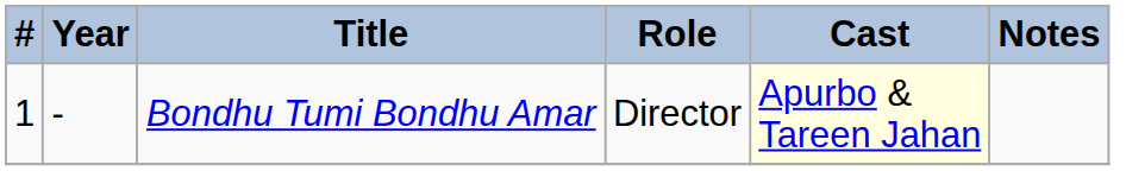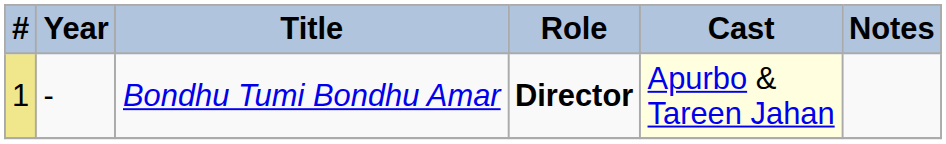 <table class="wikitable sortable">
 <tr style="text-align:center;">
 <th style="background:#B0C4DE;">#</th>
 <th style="background:#B0C4DE;">Year</th>
 <th style="background:#B0C4DE;">Title</th>
 <th style="background:#B0C4DE;">Role</th>
 <th style="background:#B0C4DE;">Cast</th>
 <th style="background:#B0C4DE;">Notes</th>
 </tr>
 <tr>
-<td>1</td>
+<td style="background: khaki;">1</td>
 <td>-</td>
 <td><em><a href='#'>Bondhu Tumi Bondhu Amar</a></em></td>
-<td>Director</td>
+<td><strong>Director</strong></td>
 <td style="background: lightyellow;"><a href='#'>Apurbo</a> &<br><a href='#'>Tareen Jahan</a></td>
 <td></td>
 </tr>
 <tr>
 </tr>
 </table>
